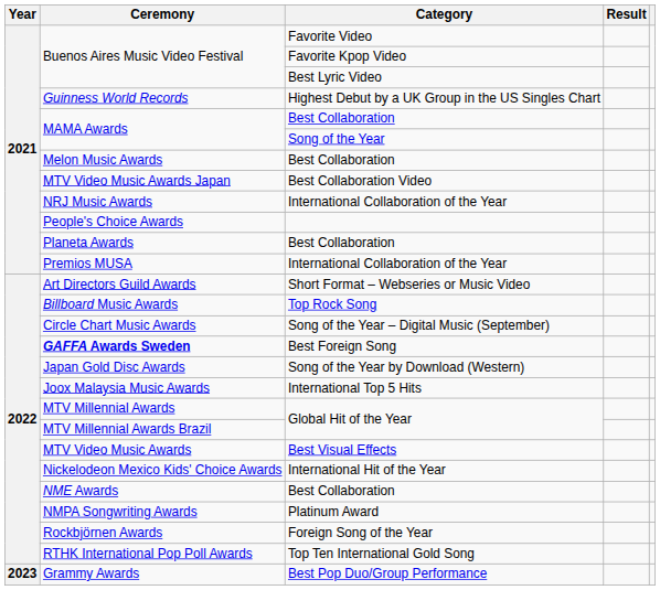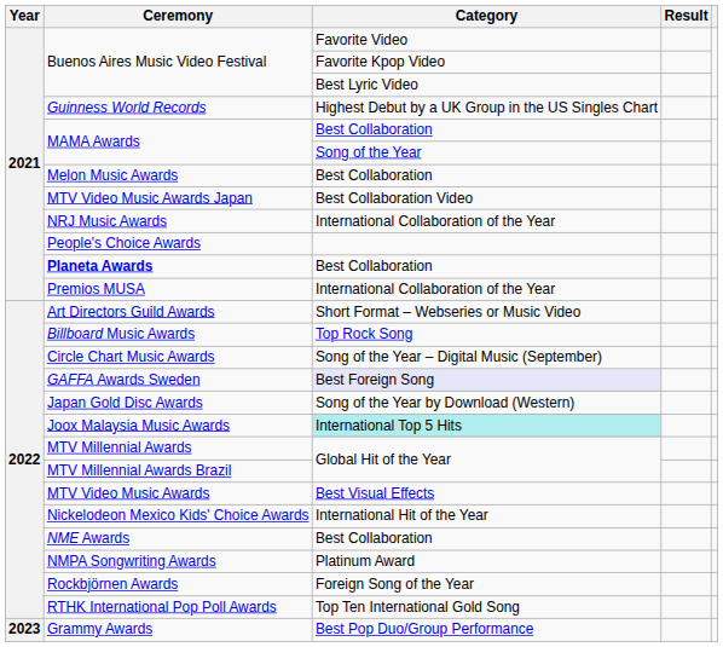 <table class="wikitable sortable plainrowheaders">
 <tr>
 <th scope="col">Year</th>
 <th scope="col">Ceremony</th>
 <th scope="col">Category</th>
 <th scope="col">Result</th>
 <th scope="col" class="unsortable"></th>
 </tr>
 <tr>
 <th rowspan="12" scope="rowgroup" style="text-align:center;">2021</th>
 <td rowspan="3">Buenos Aires Music Video Festival</td>
 <td>Favorite Video</td>
 <td></td>
 <td rowspan="3" style="text-align:center;"></td>
 </tr>
 <tr>
 <td>Favorite Kpop Video</td>
 <td></td>
 </tr>
 <tr>
 <td>Best Lyric Video</td>
 <td></td>
 </tr>
 <tr>
 <td><em><a href='#'>Guinness World Records</a></em></td>
 <td>Highest Debut by a UK Group in the US Singles Chart</td>
 <td></td>
 <td style="text-align:center;"></td>
 </tr>
 <tr>
 <td rowspan="2"><a href='#'>MAMA Awards</a></td>
 <td><a href='#'>Best Collaboration</a></td>
 <td></td>
 <td rowspan="2" style="text-align:center;"></td>
 </tr>
 <tr>
 <td><a href='#'>Song of the Year</a></td>
 <td></td>
 </tr>
 <tr>
 <td><a href='#'>Melon Music Awards</a></td>
 <td>Best Collaboration</td>
 <td></td>
 <td style="text-align:center;"></td>
 </tr>
 <tr>
 <td><a href='#'>MTV Video Music Awards Japan</a></td>
 <td>Best Collaboration Video</td>
 <td></td>
 <td style="text-align:center;"></td>
 </tr>
 <tr>
 <td><a href='#'>NRJ Music Awards</a></td>
 <td>International Collaboration of the Year</td>
 <td></td>
 <td style="text-align:center;"></td>
 </tr>
 <tr>
 <td><a href='#'>People's Choice Awards</a></td>
 <td></td>
 <td></td>
 <td style="text-align:center;"></td>
 </tr>
 <tr>
-<td><a href='#'>Planeta Awards</a></td>
+<td><strong><a href='#'>Planeta Awards</a></strong></td>
 <td>Best Collaboration</td>
 <td></td>
 <td style="text-align:center;"></td>
 </tr>
 <tr>
 <td><a href='#'>Premios MUSA</a></td>
 <td>International Collaboration of the Year</td>
 <td></td>
 <td style="text-align:center;"></td>
 </tr>
 <tr>
 <th rowspan="14" scope="rowgroup" style="text-align:center;">2022</th>
 <td><a href='#'>Art Directors Guild Awards</a></td>
 <td>Short Format – Webseries or Music Video</td>
 <td></td>
 <td style="text-align:center;"></td>
 </tr>
 <tr>
 <td><a href='#'><em>Billboard</em> Music Awards</a></td>
 <td><a href='#'>Top Rock Song</a></td>
 <td></td>
 <td style="text-align:center;"></td>
 </tr>
 <tr>
 <td><a href='#'>Circle Chart Music Awards</a></td>
 <td>Song of the Year – Digital Music (September)</td>
 <td></td>
 <td style="text-align:center;"></td>
 </tr>
 <tr>
-<td><strong><a href='#'><em>GAFFA</em> Awards Sweden</a></strong></td>
-<td>Best Foreign Song</td>
+<td><a href='#'><em>GAFFA</em> Awards Sweden</a></td>
+<td style="background: lavender;">Best Foreign Song</td>
 <td></td>
 <td style="text-align:center;"></td>
 </tr>
 <tr>
 <td><a href='#'>Japan Gold Disc Awards</a></td>
 <td>Song of the Year by Download (Western)</td>
 <td></td>
 <td style="text-align:center;"></td>
 </tr>
 <tr>
 <td><a href='#'>Joox Malaysia Music Awards</a></td>
-<td>International Top 5 Hits</td>
+<td style="background: paleturquoise;">International Top 5 Hits</td>
 <td></td>
 <td style="text-align:center;"></td>
 </tr>
 <tr>
 <td><a href='#'>MTV Millennial Awards</a></td>
 <td rowspan="2">Global Hit of the Year</td>
 <td></td>
 <td style="text-align:center;"></td>
 </tr>
 <tr>
 <td><a href='#'>MTV Millennial Awards Brazil</a></td>
 <td></td>
 <td style="text-align:center;"></td>
 </tr>
 <tr>
 <td><a href='#'>MTV Video Music Awards</a></td>
 <td><a href='#'>Best Visual Effects</a></td>
 <td></td>
 <td style="text-align:center;"></td>
 </tr>
 <tr>
 <td><a href='#'>Nickelodeon Mexico Kids' Choice Awards</a></td>
 <td>International Hit of the Year</td>
 <td></td>
 <td style="text-align:center;"></td>
 </tr>
 <tr>
 <td><a href='#'><em>NME</em> Awards</a></td>
 <td>Best Collaboration</td>
 <td></td>
 <td style="text-align:center;"></td>
 </tr>
 <tr>
 <td><a href='#'>NMPA Songwriting Awards</a></td>
 <td>Platinum Award</td>
 <td></td>
 <td style="text-align:center;"></td>
 </tr>
 <tr>
 <td><a href='#'>Rockbjörnen Awards</a></td>
 <td>Foreign Song of the Year</td>
 <td></td>
 <td style="text-align:center;"></td>
 </tr>
 <tr>
 <td><a href='#'>RTHK International Pop Poll Awards</a></td>
 <td>Top Ten International Gold Song</td>
 <td></td>
 <td style="text-align:center;"></td>
 </tr>
 <tr>
 <th scope="rowgroup" style="text-align:center;">2023</th>
 <td><a href='#'>Grammy Awards</a></td>
 <td><a href='#'>Best Pop Duo/Group Performance</a></td>
 <td></td>
 <td style="text-align:center;"></td>
 </tr>
 </table>
